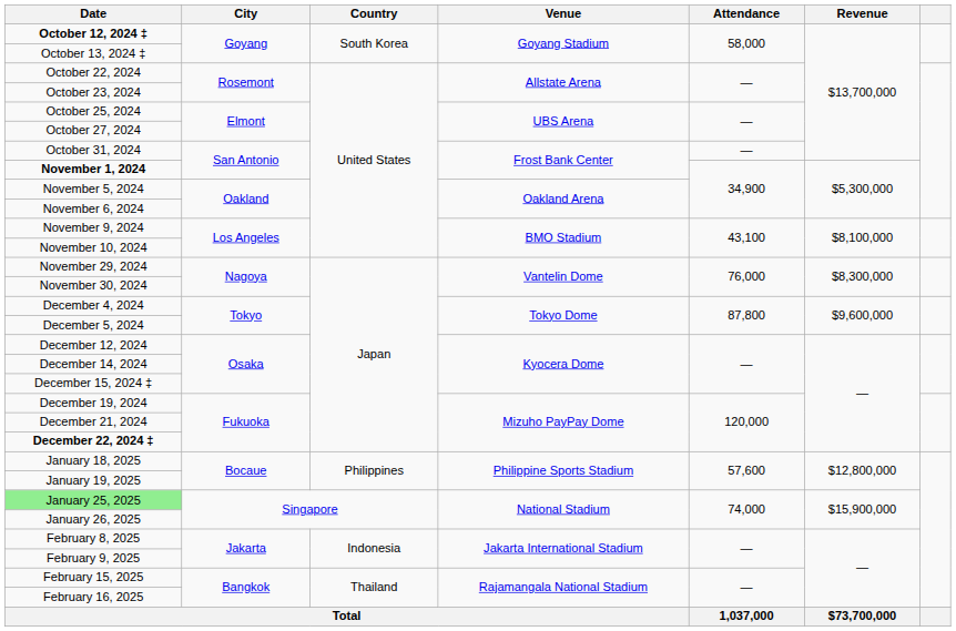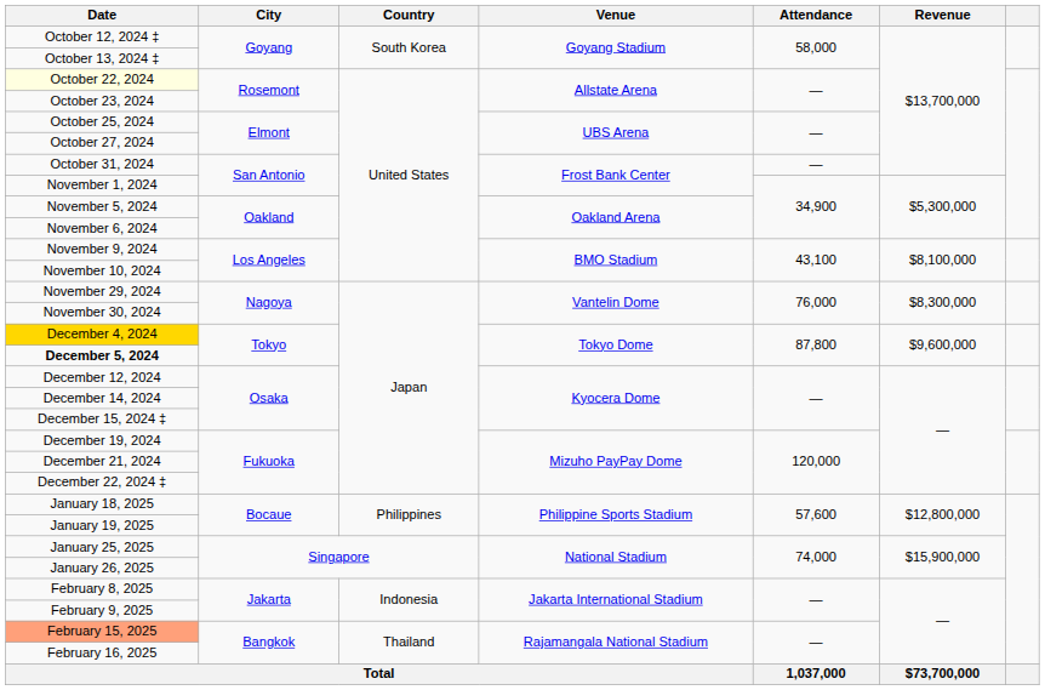 <table class="wikitable" style="text-align:center;">
 <tr>
 <th scope="col" style="width:14em;">Date</th>
 <th scope="col" style="width:10em;">City</th>
 <th scope="col" style="width:10em;">Country</th>
 <th scope="col" style="width:20em;">Venue</th>
 <th scope="col" style="width:9em;">Attendance</th>
 <th scope="col" style="width:9em;">Revenue</th>
 <th scope="col" style="width:2em;"></th>
 </tr>
 <tr>
-<td><strong>October 12, 2024 ‡</strong></td>
+<td>October 12, 2024 ‡</td>
 <td rowspan="2"><a href='#'>Goyang</a></td>
 <td rowspan="2">South Korea</td>
 <td rowspan="2"><a href='#'>Goyang Stadium</a></td>
 <td rowspan="2">58,000</td>
 <td rowspan="7">$13,700,000</td>
 <td rowspan="2"></td>
 </tr>
 <tr>
 <td>October 13, 2024 ‡</td>
 </tr>
 <tr>
-<td>October 22, 2024</td>
+<td style="background: lightyellow;">October 22, 2024</td>
 <td rowspan="2"><a href='#'>Rosemont</a></td>
 <td rowspan="10">United States</td>
 <td rowspan="2"><a href='#'>Allstate Arena</a></td>
 <td rowspan="2">—</td>
 <td rowspan="8"></td>
 </tr>
 <tr>
 <td>October 23, 2024</td>
 </tr>
 <tr>
 <td>October 25, 2024</td>
 <td rowspan="2"><a href='#'>Elmont</a></td>
 <td rowspan="2"><a href='#'>UBS Arena</a></td>
 <td rowspan="2">—</td>
 </tr>
 <tr>
 <td>October 27, 2024</td>
 </tr>
 <tr>
 <td>October 31, 2024</td>
 <td rowspan="2"><a href='#'>San Antonio</a></td>
 <td rowspan="2"><a href='#'>Frost Bank Center</a></td>
 <td rowspan="1">—</td>
 </tr>
 <tr>
-<td><strong>November 1, 2024</strong></td>
+<td>November 1, 2024</td>
 <td rowspan="3">34,900</td>
 <td rowspan="3">$5,300,000</td>
 </tr>
 <tr>
 <td>November 5, 2024</td>
 <td rowspan="2"><a href='#'>Oakland</a></td>
 <td rowspan="2"><a href='#'>Oakland Arena</a></td>
 </tr>
 <tr>
 <td>November 6, 2024</td>
 </tr>
 <tr>
 <td>November 9, 2024</td>
 <td rowspan="2"><a href='#'>Los Angeles</a></td>
 <td rowspan="2"><a href='#'>BMO Stadium</a></td>
 <td rowspan="2">43,100</td>
 <td rowspan="2">$8,100,000</td>
 <td rowspan="2"></td>
 </tr>
 <tr>
 <td>November 10, 2024</td>
 </tr>
 <tr>
 <td>November 29, 2024</td>
 <td rowspan="2"><a href='#'>Nagoya</a></td>
 <td rowspan="10">Japan</td>
 <td rowspan="2"><a href='#'>Vantelin Dome</a></td>
 <td rowspan="2">76,000</td>
 <td rowspan="2">$8,300,000</td>
 <td rowspan="2"></td>
 </tr>
 <tr>
 <td>November 30, 2024</td>
 </tr>
 <tr>
-<td>December 4, 2024</td>
+<td style="background: gold;">December 4, 2024</td>
 <td rowspan="2"><a href='#'>Tokyo</a></td>
 <td rowspan="2"><a href='#'>Tokyo Dome</a></td>
 <td rowspan="2">87,800</td>
 <td rowspan="2">$9,600,000</td>
 <td rowspan="2"></td>
 </tr>
 <tr>
-<td>December 5, 2024</td>
+<td><strong>December 5, 2024</strong></td>
 </tr>
 <tr>
 <td>December 12, 2024</td>
 <td rowspan="3"><a href='#'>Osaka</a></td>
 <td rowspan="3"><a href='#'>Kyocera Dome</a></td>
 <td rowspan="3">—</td>
 <td rowspan="6">—</td>
 <td rowspan="3"></td>
 </tr>
 <tr>
 <td>December 14, 2024</td>
 </tr>
 <tr>
 <td>December 15, 2024 ‡</td>
 </tr>
 <tr>
 <td>December 19, 2024</td>
 <td rowspan="3"><a href='#'>Fukuoka</a></td>
 <td rowspan="3"><a href='#'>Mizuho PayPay Dome</a></td>
 <td rowspan="3">120,000</td>
 <td rowspan="3"></td>
 </tr>
 <tr>
 <td>December 21, 2024</td>
 </tr>
 <tr>
-<td><strong>December 22, 2024 ‡</strong></td>
+<td>December 22, 2024 ‡</td>
 </tr>
 <tr>
 <td>January 18, 2025</td>
 <td rowspan="2"><a href='#'>Bocaue</a></td>
 <td rowspan="2">Philippines</td>
 <td rowspan="2"><a href='#'>Philippine Sports Stadium</a></td>
 <td rowspan="2">57,600</td>
 <td rowspan="2">$12,800,000</td>
 <td rowspan="8"></td>
 </tr>
 <tr>
 <td>January 19, 2025</td>
 </tr>
 <tr>
-<td style="background: lightgreen;">January 25, 2025</td>
+<td>January 25, 2025</td>
 <td colspan="2" rowspan="2"><a href='#'>Singapore</a></td>
 <td rowspan="2"><a href='#'>National Stadium</a></td>
 <td rowspan="2">74,000</td>
 <td rowspan="2">$15,900,000</td>
 </tr>
 <tr>
 <td>January 26, 2025</td>
 </tr>
 <tr>
 <td>February 8, 2025</td>
 <td rowspan="2"><a href='#'>Jakarta</a></td>
 <td rowspan="2">Indonesia</td>
 <td rowspan="2"><a href='#'>Jakarta International Stadium</a></td>
 <td rowspan="2">—</td>
 <td rowspan="4">—</td>
 </tr>
 <tr>
 <td>February 9, 2025</td>
 </tr>
 <tr>
-<td>February 15, 2025</td>
+<td style="background: lightsalmon;">February 15, 2025</td>
 <td rowspan="2"><a href='#'>Bangkok</a></td>
 <td rowspan="2">Thailand</td>
 <td rowspan="2"><a href='#'>Rajamangala National Stadium</a></td>
 <td rowspan="2">—</td>
 </tr>
 <tr>
 <td>February 16, 2025</td>
 </tr>
 <tr>
 <th colspan="4">Total</th>
 <th>1,037,000</th>
 <th>$73,700,000</th>
 <th></th>
 </tr>
 </table>
